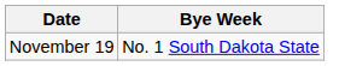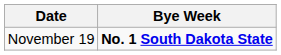 <table class="wikitable" style="font-size:95%;">
 <tr>
 <th>Date</th>
 <th colspan="1">Bye Week</th>
 </tr>
 <tr>
 <td>November 19</td>
-<td>No. 1 <a href='#'>South Dakota State</a></td>
+<td><strong>No. 1 <a href='#'>South Dakota State</a></strong></td>
 </tr>
 </table>
